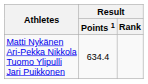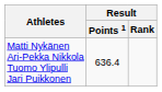 <table class="wikitable" border="1" style="font-size:90%">
 <tr>
 <th rowspan=2>Athletes</th>
 <th colspan=2>Result</th>
 </tr>
 <tr>
 <th>Points <sup>1</sup></th>
 <th>Rank</th>
 </tr>
 <tr>
 <td><a href='#'>Matti Nykänen</a><br><a href='#'>Ari-Pekka Nikkola</a><br><a href='#'>Tuomo Ylipulli</a><br><a href='#'>Jari Puikkonen</a></td>
-<td align=center>634.4</td>
+<td align=center>636.4</td>
 <td align=center></td>
 </tr>
 </table>
